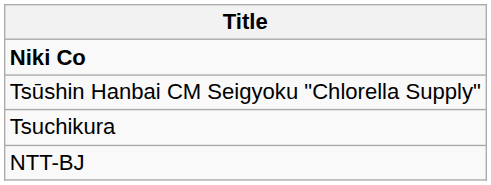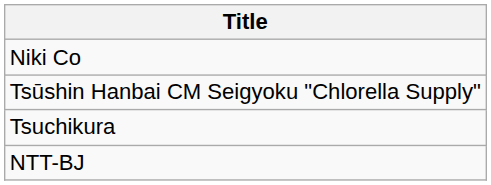 <table class="wikitable">
 <tr>
 <th>Title</th>
 </tr>
 <tr>
-<td><strong>Niki Co</strong></td>
+<td>Niki Co</td>
 </tr>
 <tr>
 <td>Tsūshin Hanbai CM Seigyoku "Chlorella Supply"</td>
 </tr>
 <tr>
 <td>Tsuchikura</td>
 </tr>
 <tr>
 <td>NTT-BJ</td>
 </tr>
 </table>
